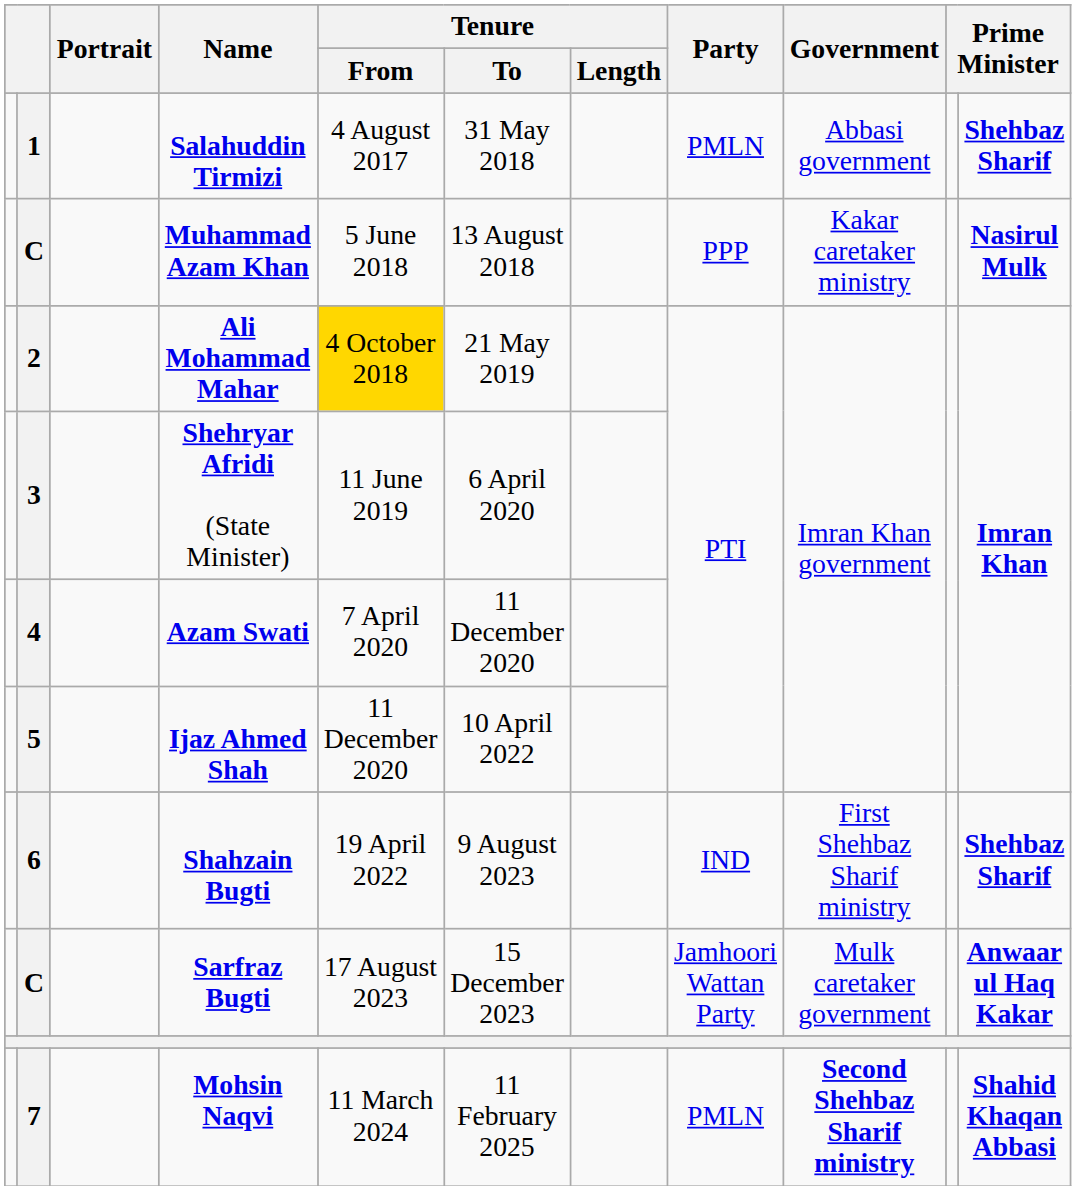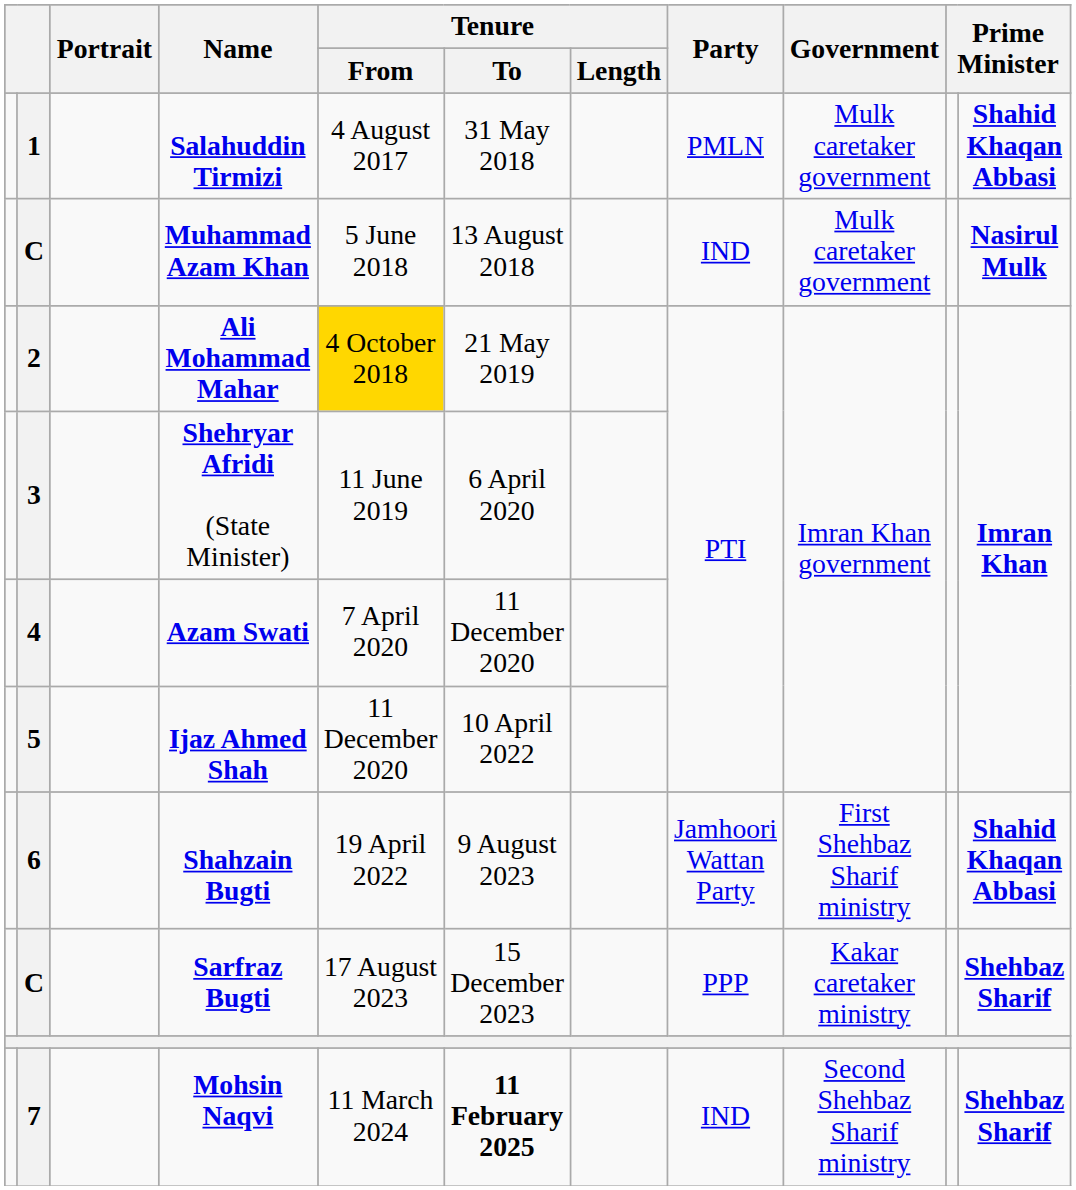 <table class="wikitable" style="text-align:center">
 <tr>
 <th colspan="2" rowspan="2"></th>
 <th rowspan="2">Portrait</th>
 <th rowspan="2" style="width:15em">Name<br></th>
 <th colspan="3">Tenure</th>
 <th rowspan="2" style="width:9em">Party</th>
 <th rowspan="2" style="width:8em">Government</th>
 <th rowspan="2" colspan="2" style="width:10em">Prime Minister</th>
 </tr>
 <tr>
 <th style="width:8em">From</th>
 <th style="width:8em">To</th>
 <th style="width:6em">Length</th>
 </tr>
 <tr>
 <td></td>
 <th>1</th>
 <td></td>
 <td><br><strong><a href='#'>Salahuddin Tirmizi</a></strong><br></td>
 <td>4 August<br>2017</td>
 <td>31 May<br>2018</td>
 <td><strong></strong></td>
 <td><a href='#'>PMLN</a></td>
-<td><a href='#'>Abbasi government</a></td>
+<td><a href='#'>Mulk caretaker government</a><br></td>
 <td></td>
-<td><strong><a href='#'>Shehbaz Sharif</a></strong></td>
+<td><strong><a href='#'>Shahid Khaqan Abbasi</a></strong></td>
 </tr>
 <tr>
 <td></td>
 <th>C</th>
 <td></td>
 <td><strong><a href='#'>Muhammad Azam Khan</a></strong><br></td>
 <td>5 June<br>2018</td>
 <td>13 August<br>2018</td>
 <td><strong></strong></td>
-<td><a href='#'>PPP</a></td>
-<td><a href='#'>Kakar caretaker ministry</a><br></td>
+<td><a href='#'>IND</a></td>
+<td><a href='#'>Mulk caretaker government</a><br></td>
 <td></td>
 <td><strong><a href='#'>Nasirul Mulk</a></strong></td>
 </tr>
 <tr>
 <td></td>
 <th>2</th>
 <td></td>
 <td><strong><a href='#'>Ali Mohammad Mahar</a></strong><br></td>
 <td style="background: gold;">4 October<br>2018</td>
 <td>21 May<br>2019</td>
 <td><strong></strong></td>
 <td rowspan="4"><a href='#'>PTI</a></td>
 <td rowspan="4"><a href='#'>Imran Khan government</a></td>
 <td rowspan="4"></td>
 <td rowspan="4"><strong><a href='#'>Imran Khan</a></strong></td>
 </tr>
 <tr>
 <td></td>
 <th>3</th>
 <td></td>
 <td><strong><a href='#'>Shehryar Afridi</a></strong><br><br>(State Minister)</td>
 <td>11 June<br>2019</td>
 <td>6 April<br>2020</td>
 <td><strong></strong></td>
 </tr>
 <tr>
 <td></td>
 <th>4</th>
 <td></td>
 <td><strong><a href='#'>Azam Swati</a></strong><br></td>
 <td>7 April<br>2020</td>
 <td>11 December<br>2020</td>
 <td><strong></strong></td>
 </tr>
 <tr>
 <td></td>
 <th>5</th>
 <td></td>
 <td><br><strong><a href='#'>Ijaz Ahmed Shah</a></strong><br></td>
 <td>11 December<br>2020</td>
 <td>10 April<br>2022</td>
 <td><strong></strong></td>
 </tr>
 <tr>
 <td></td>
 <th>6</th>
 <td></td>
 <td><br><strong><a href='#'>Shahzain Bugti</a></strong><br></td>
 <td>19 April<br>2022</td>
 <td>9 August<br>2023</td>
 <td><strong></strong></td>
-<td><a href='#'>IND</a></td>
+<td><a href='#'>Jamhoori Wattan Party</a></td>
 <td><a href='#'>First Shehbaz Sharif ministry</a></td>
 <td></td>
-<td><strong><a href='#'>Shehbaz Sharif</a></strong></td>
+<td><strong><a href='#'>Shahid Khaqan Abbasi</a></strong></td>
 </tr>
 <tr>
 <td></td>
 <th>C</th>
 <td></td>
 <td><strong><a href='#'>Sarfraz Bugti</a></strong></td>
 <td>17 August<br>2023</td>
 <td>15 December<br>2023</td>
 <td><strong></strong></td>
-<td><a href='#'>Jamhoori Wattan Party</a></td>
-<td><a href='#'>Mulk caretaker government</a><br></td>
+<td><a href='#'>PPP</a></td>
+<td><a href='#'>Kakar caretaker ministry</a><br></td>
 <td></td>
-<td><strong><a href='#'>Anwaar ul Haq Kakar</a></strong></td>
+<td><strong><a href='#'>Shehbaz Sharif</a></strong></td>
 </tr>
 <tr>
 <th colspan="11"></th>
 </tr>
 <tr>
 <td></td>
 <th>7</th>
 <td></td>
 <td><strong><a href='#'>Mohsin Naqvi</a></strong><br><br></td>
 <td>11 March<br>2024</td>
-<td>11 February 2025</td>
+<td><strong>11 February 2025</strong></td>
 <td><strong></strong></td>
-<td><a href='#'>PMLN</a></td>
-<td><strong><a href='#'>Second Shehbaz Sharif ministry</a></strong></td>
+<td><a href='#'>IND</a></td>
+<td><a href='#'>Second Shehbaz Sharif ministry</a></td>
 <td></td>
-<td><strong><a href='#'>Shahid Khaqan Abbasi</a></strong></td>
+<td><strong><a href='#'>Shehbaz Sharif</a></strong></td>
 </tr>
 <tr>
 </tr>
 </table>
